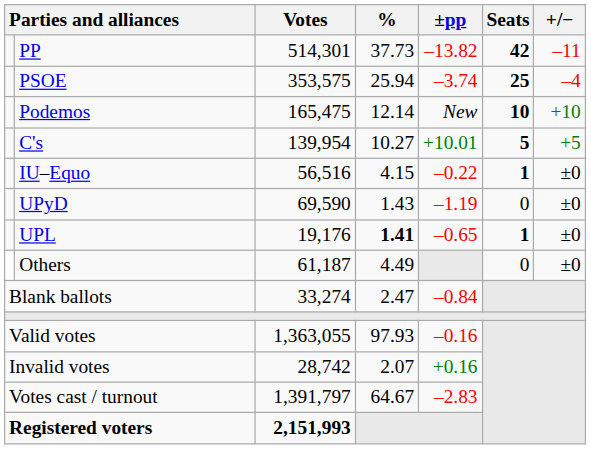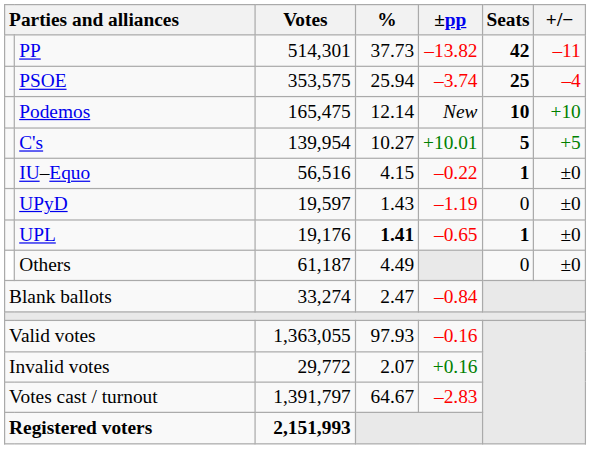 <table class="wikitable" style="text-align:right;">
 <tr>
 <th style="text-align:left;" colspan="2" width="200">Parties and alliances</th>
 <th width="75">Votes</th>
 <th width="45">%</th>
 <th width="45">±<a href='#'>pp</a></th>
 <th width="35">Seats</th>
 <th width="35">+/−</th>
 </tr>
 <tr>
 <td width="1" style="color:inherit;background:"></td>
 <td align="left"><a href='#'>PP</a></td>
 <td>514,301</td>
 <td>37.73</td>
 <td style="color:red;">–13.82</td>
 <td><strong>42</strong></td>
 <td style="color:red;">–11</td>
 </tr>
 <tr>
 <td style="color:inherit;background:"></td>
 <td align="left"><a href='#'>PSOE</a></td>
 <td>353,575</td>
 <td>25.94</td>
 <td style="color:red;">–3.74</td>
 <td><strong>25</strong></td>
 <td style="color:red;">–4</td>
 </tr>
 <tr>
 <td style="color:inherit;background:"></td>
 <td align="left"><a href='#'>Podemos</a></td>
 <td>165,475</td>
 <td>12.14</td>
 <td><em>New</em></td>
 <td><strong>10</strong></td>
 <td style="color:green;">+10</td>
 </tr>
 <tr>
 <td style="color:inherit;background:"></td>
 <td align="left"><a href='#'>C's</a></td>
 <td>139,954</td>
 <td>10.27</td>
 <td style="color:green;">+10.01</td>
 <td><strong>5</strong></td>
 <td style="color:green;">+5</td>
 </tr>
 <tr>
 <td style="color:inherit;background:"></td>
 <td align="left"><a href='#'>IU</a>–<a href='#'>Equo</a></td>
 <td>56,516</td>
 <td>4.15</td>
 <td style="color:red;">–0.22</td>
 <td><strong>1</strong></td>
 <td>±0</td>
 </tr>
 <tr>
 <td style="color:inherit;background:"></td>
 <td align="left"><a href='#'>UPyD</a></td>
-<td>69,590</td>
+<td>19,597</td>
 <td>1.43</td>
 <td style="color:red;">–1.19</td>
 <td>0</td>
 <td>±0</td>
 </tr>
 <tr>
 <td style="color:inherit;background:"></td>
 <td align="left"><a href='#'>UPL</a></td>
 <td>19,176</td>
 <td><strong>1.41</strong></td>
 <td style="color:red;">–0.65</td>
 <td><strong>1</strong></td>
 <td>±0</td>
 </tr>
 <tr>
 <td bgcolor="white"></td>
 <td align="left">Others</td>
 <td>61,187</td>
 <td>4.49</td>
 <td bgcolor="#E9E9E9"></td>
 <td>0</td>
 <td>±0</td>
 </tr>
 <tr>
 <td align="left" colspan="2">Blank ballots</td>
 <td>33,274</td>
 <td>2.47</td>
 <td style="color:red;">–0.84</td>
 <td bgcolor="#E9E9E9" colspan="2"></td>
 </tr>
 <tr>
 <td colspan="7" bgcolor="#E9E9E9"></td>
 </tr>
 <tr>
 <td align="left" colspan="2">Valid votes</td>
 <td>1,363,055</td>
 <td>97.93</td>
 <td style="color:red;">–0.16</td>
 <td bgcolor="#E9E9E9" colspan="2" rowspan="4"></td>
 </tr>
 <tr>
 <td align="left" colspan="2">Invalid votes</td>
-<td>28,742</td>
+<td>29,772</td>
 <td>2.07</td>
 <td style="color:green;">+0.16</td>
 </tr>
 <tr>
 <td align="left" colspan="2">Votes cast / turnout</td>
 <td>1,391,797</td>
 <td>64.67</td>
 <td style="color:red;">–2.83</td>
 </tr>
 <tr style="font-weight:bold;">
 <td align="left" colspan="2">Registered voters</td>
 <td>2,151,993</td>
 <td bgcolor="#E9E9E9" colspan="2"></td>
 </tr>
 </table>
